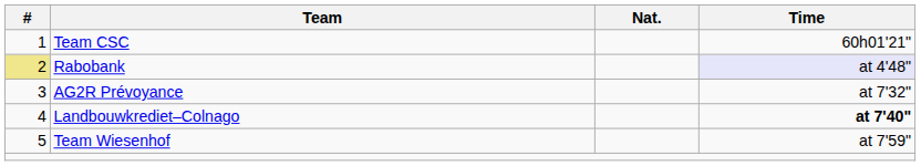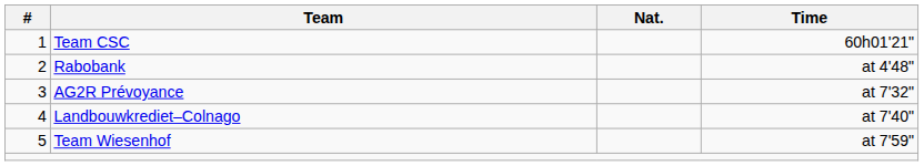 <table class=wikitable style="font-size:95%" width="70%">
 <tr>
 <th align=right>#</th>
 <th>Team</th>
 <th>Nat.</th>
 <th align=right>Time</th>
 </tr>
 <tr>
 <td align=right>1</td>
 <td><a href='#'>Team CSC</a></td>
 <td></td>
 <td align=right>60h01'21"</td>
 </tr>
 <tr>
-<td align=right style="background: khaki;">2</td>
+<td align=right>2</td>
 <td><a href='#'>Rabobank</a></td>
 <td></td>
-<td align=right style="background: lavender;">at 4'48"</td>
+<td align=right>at 4'48"</td>
 </tr>
 <tr>
 <td align=right>3</td>
 <td><a href='#'>AG2R Prévoyance</a></td>
 <td></td>
 <td align=right>at 7'32"</td>
 </tr>
 <tr>
 <td align=right>4</td>
 <td><a href='#'>Landbouwkrediet–Colnago</a></td>
 <td></td>
-<td align=right><strong>at 7'40"</strong></td>
+<td align=right>at 7'40"</td>
 </tr>
 <tr>
 <td align=right>5</td>
 <td><a href='#'>Team Wiesenhof</a></td>
 <td></td>
 <td align=right>at 7'59"</td>
 </tr>
 <tr>
 <td align=right colspan=4></td>
 </tr>
 </table>
